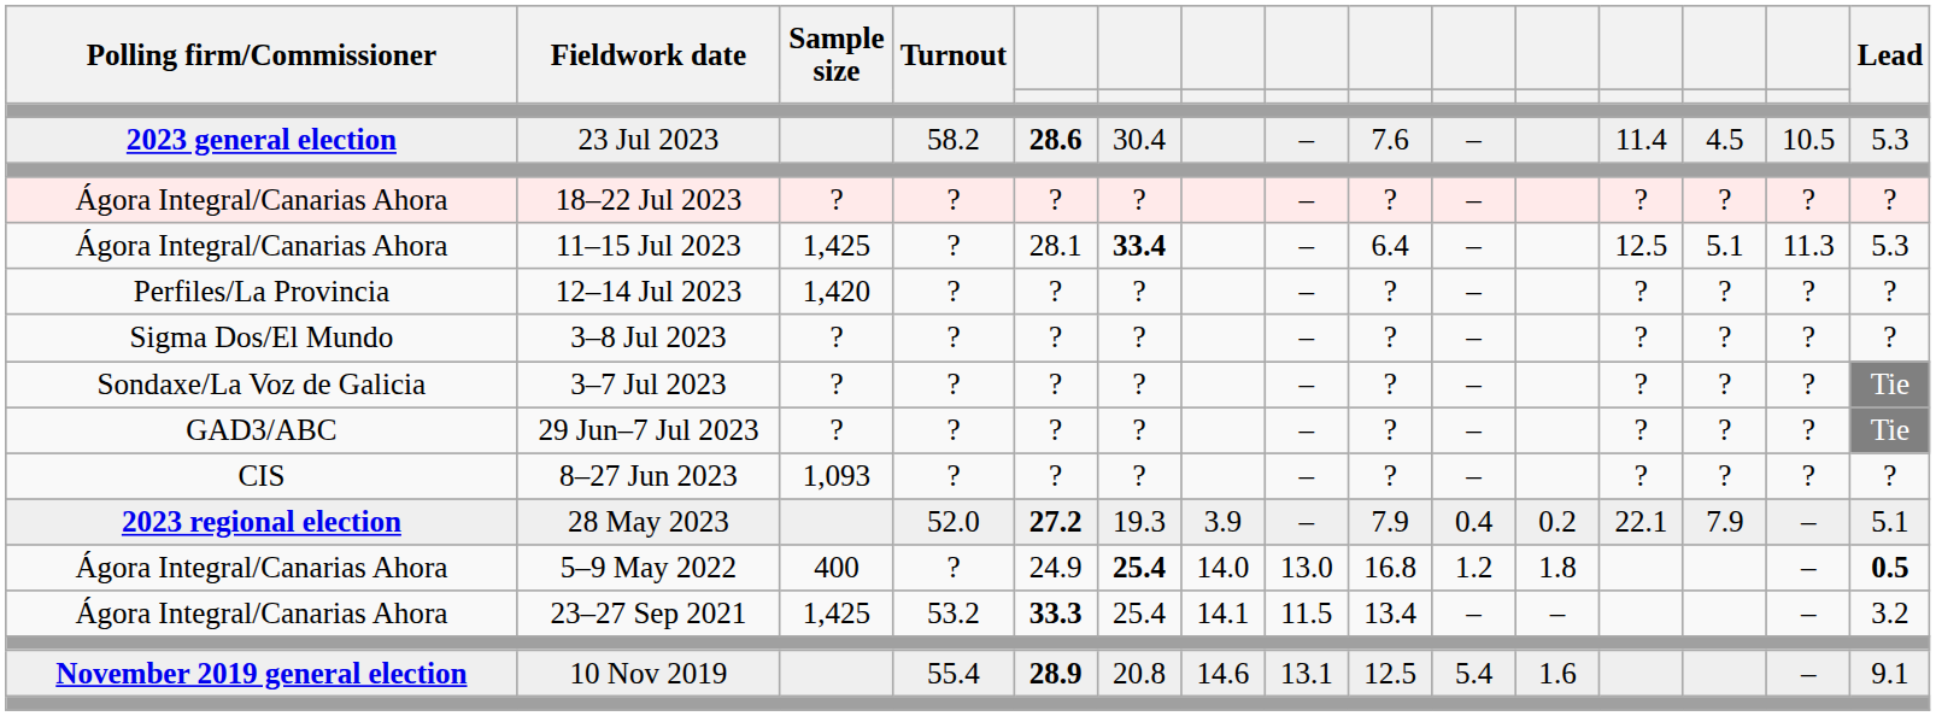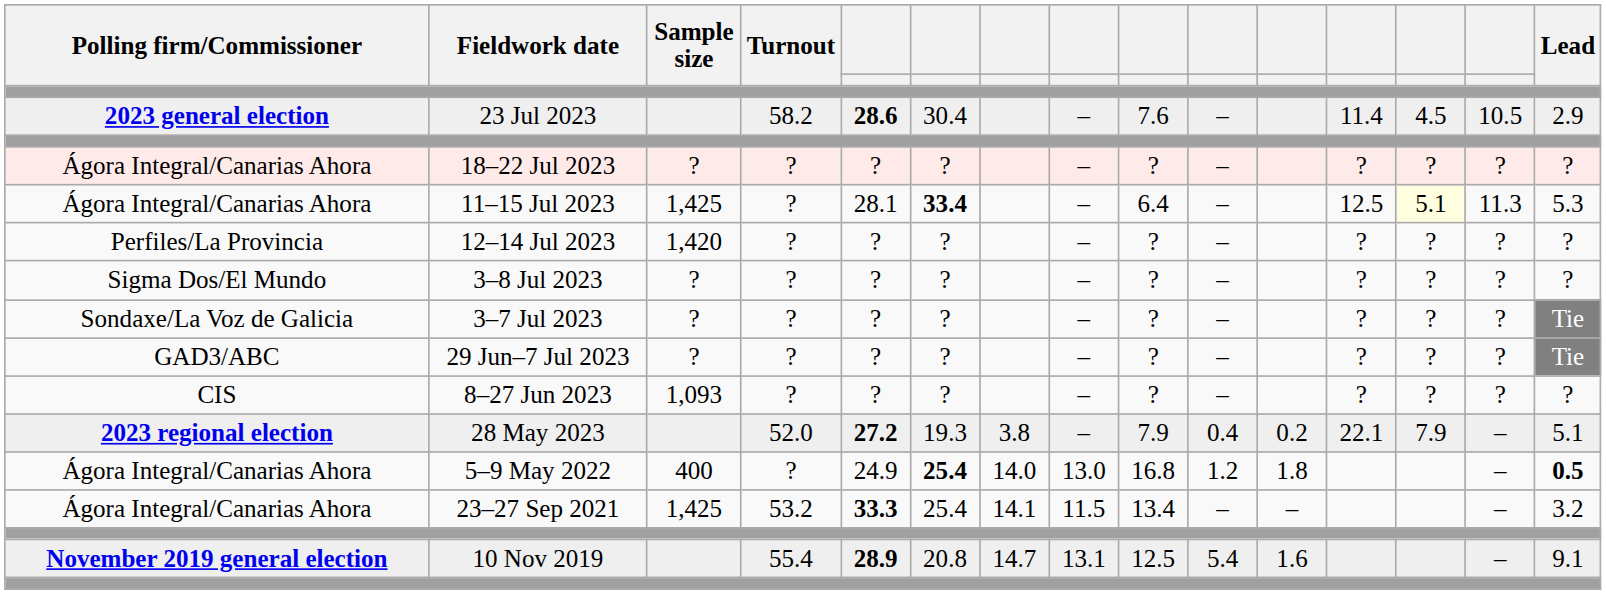 <table class="wikitable collapsible collapsed" style="text-align:center; font-size:95%; line-height:16px;">
 <tr style="height:42px;">
 <th style="width:250px;" rowspan="2">Polling firm/Commissioner</th>
 <th style="width:125px;" rowspan="2">Fieldwork date</th>
 <th style="width:50px;" rowspan="2">Sample size</th>
 <th style="width:45px;" rowspan="2">Turnout</th>
 <th style="width:35px;"></th>
 <th style="width:35px;"></th>
 <th style="width:35px;"></th>
 <th style="width:35px;"></th>
 <th style="width:35px;"></th>
 <th style="width:35px;"></th>
 <th style="width:35px;"></th>
 <th style="width:35px;"></th>
 <th style="width:35px;"></th>
 <th style="width:35px;"></th>
 <th style="width:30px;" rowspan="2">Lead</th>
 </tr>
 <tr>
 <th style="color:inherit;background:"></th>
 <th style="color:inherit;background:"></th>
 <th style="color:inherit;background:"></th>
 <th style="color:inherit;background:"></th>
 <th style="color:inherit;background:"></th>
 <th style="color:inherit;background:"></th>
 <th style="color:inherit;background:"></th>
 <th style="color:inherit;background:"></th>
 <th style="color:inherit;background:"></th>
 <th style="color:inherit;background:"></th>
 </tr>
 <tr>
 <td colspan="15" style="background:#A0A0A0"></td>
 </tr>
 <tr style="background:#EFEFEF;">
 <td><strong><a href='#'>2023 general election</a></strong></td>
 <td>23 Jul 2023</td>
 <td></td>
 <td>58.2</td>
 <td><strong>28.6</strong><br></td>
 <td>30.4<br></td>
 <td></td>
 <td>–</td>
 <td>7.6<br></td>
 <td>–</td>
 <td></td>
 <td>11.4<br></td>
 <td>4.5<br></td>
 <td>10.5<br></td>
-<td style="background:">5.3</td>
+<td style="background:">2.9</td>
 </tr>
 <tr>
 <td colspan="15" style="background:#A0A0A0"></td>
 </tr>
 <tr style="background:#FFEAEA;">
 <td>Ágora Integral/Canarias Ahora</td>
 <td>18–22 Jul 2023</td>
 <td>?</td>
 <td>?</td>
 <td>?<br></td>
 <td>?<br></td>
 <td></td>
 <td>–</td>
 <td>?<br></td>
 <td>–</td>
 <td></td>
 <td>?<br></td>
 <td>?<br></td>
 <td>?<br></td>
 <td style="background:">?</td>
 </tr>
 <tr>
 <td>Ágora Integral/Canarias Ahora</td>
 <td>11–15 Jul 2023</td>
 <td>1,425</td>
 <td>?</td>
 <td>28.1<br></td>
 <td><strong>33.4</strong><br></td>
 <td></td>
 <td>–</td>
 <td>6.4<br></td>
 <td>–</td>
 <td></td>
 <td>12.5<br></td>
-<td>5.1<br></td>
+<td style="background: lightyellow;">5.1<br></td>
 <td>11.3<br></td>
 <td style="background:">5.3</td>
 </tr>
 <tr>
 <td>Perfiles/La Provincia</td>
 <td>12–14 Jul 2023</td>
 <td>1,420</td>
 <td>?</td>
 <td>?<br></td>
 <td>?<br></td>
 <td></td>
 <td>–</td>
 <td>?<br></td>
 <td>–</td>
 <td></td>
 <td>?<br></td>
 <td>?<br></td>
 <td>?<br></td>
 <td style="background:">?</td>
 </tr>
 <tr>
 <td>Sigma Dos/El Mundo</td>
 <td>3–8 Jul 2023</td>
 <td>?</td>
 <td>?</td>
 <td>?<br></td>
 <td>?<br></td>
 <td></td>
 <td>–</td>
 <td>?<br></td>
 <td>–</td>
 <td></td>
 <td>?<br></td>
 <td>?<br></td>
 <td>?<br></td>
 <td style="background:">?</td>
 </tr>
 <tr>
 <td>Sondaxe/La Voz de Galicia</td>
 <td>3–7 Jul 2023</td>
 <td>?</td>
 <td>?</td>
 <td>?<br></td>
 <td>?<br></td>
 <td></td>
 <td>–</td>
 <td>?<br></td>
 <td>–</td>
 <td></td>
 <td>?<br></td>
 <td>?<br></td>
 <td>?<br></td>
 <td style="background:gray; color:white;">Tie</td>
 </tr>
 <tr>
 <td>GAD3/ABC</td>
 <td>29 Jun–7 Jul 2023</td>
 <td>?</td>
 <td>?</td>
 <td>?<br></td>
 <td>?<br></td>
 <td></td>
 <td>–</td>
 <td>?<br></td>
 <td>–</td>
 <td></td>
 <td>?<br></td>
 <td>?<br></td>
 <td>?<br></td>
 <td style="background:gray; color:white;">Tie</td>
 </tr>
 <tr>
 <td>CIS</td>
 <td>8–27 Jun 2023</td>
 <td>1,093</td>
 <td>?</td>
 <td>?<br></td>
 <td>?<br></td>
 <td></td>
 <td>–</td>
 <td>?<br></td>
 <td>–</td>
 <td></td>
 <td>?<br></td>
 <td>?<br></td>
 <td>?<br></td>
 <td style="background:">?</td>
 </tr>
 <tr style="background:#EFEFEF;">
 <td><strong><a href='#'>2023 regional election</a></strong></td>
 <td>28 May 2023</td>
 <td></td>
 <td>52.0</td>
 <td><strong>27.2</strong><br></td>
 <td>19.3<br></td>
-<td>3.9<br></td>
+<td>3.8<br></td>
 <td>–</td>
 <td>7.9<br></td>
 <td>0.4<br></td>
 <td>0.2<br></td>
 <td>22.1<br></td>
 <td>7.9<br></td>
 <td>–</td>
 <td style="background:">5.1</td>
 </tr>
 <tr>
 <td>Ágora Integral/Canarias Ahora</td>
 <td>5–9 May 2022</td>
 <td>400</td>
 <td>?</td>
 <td>24.9<br></td>
 <td><strong>25.4</strong><br></td>
 <td>14.0<br></td>
 <td>13.0<br></td>
 <td>16.8<br></td>
 <td>1.2<br></td>
 <td>1.8<br></td>
 <td></td>
 <td></td>
 <td>–</td>
 <td style="background:"><strong>0.5</strong></td>
 </tr>
 <tr>
 <td>Ágora Integral/Canarias Ahora</td>
 <td>23–27 Sep 2021</td>
 <td>1,425</td>
 <td>53.2</td>
 <td><strong>33.3</strong><br></td>
 <td>25.4<br></td>
 <td>14.1<br></td>
 <td>11.5<br></td>
 <td>13.4<br></td>
 <td>–</td>
 <td>–</td>
 <td></td>
 <td></td>
 <td>–</td>
 <td style="background:">3.2</td>
 </tr>
 <tr>
 <td colspan="15" style="background:#A0A0A0"></td>
 </tr>
 <tr style="background:#EFEFEF;">
 <td><strong><a href='#'>November 2019 general election</a></strong></td>
 <td>10 Nov 2019</td>
 <td></td>
 <td>55.4</td>
 <td><strong>28.9</strong><br></td>
 <td>20.8<br></td>
-<td>14.6<br></td>
+<td>14.7<br></td>
 <td>13.1<br></td>
 <td>12.5<br></td>
 <td>5.4<br></td>
 <td>1.6<br></td>
 <td></td>
 <td></td>
 <td>–</td>
 <td style="background:">9.1</td>
 </tr>
 <tr>
 <td colspan="15" style="background:#A0A0A0"></td>
 </tr>
 </table>
